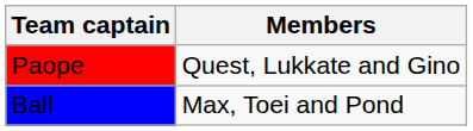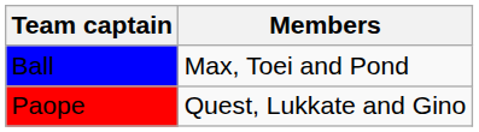 <table class="wikitable">
 <tr>
 <th>Team captain</th>
 <th>Members</th>
 </tr>
 <tr>
+<td style="background:#0000FF"><span>Ball</span></td>
+<td>Max, Toei and Pond</td>
+</tr>
+<tr>
 <td style="background:red"><span>Paope</span></td>
 <td>Quest, Lukkate and Gino</td>
 </tr>
-<tr>
-<td style="background:#0000FF"><span>Ball</span></td>
-<td>Max, Toei and Pond</td>
-</tr>
 </table>
